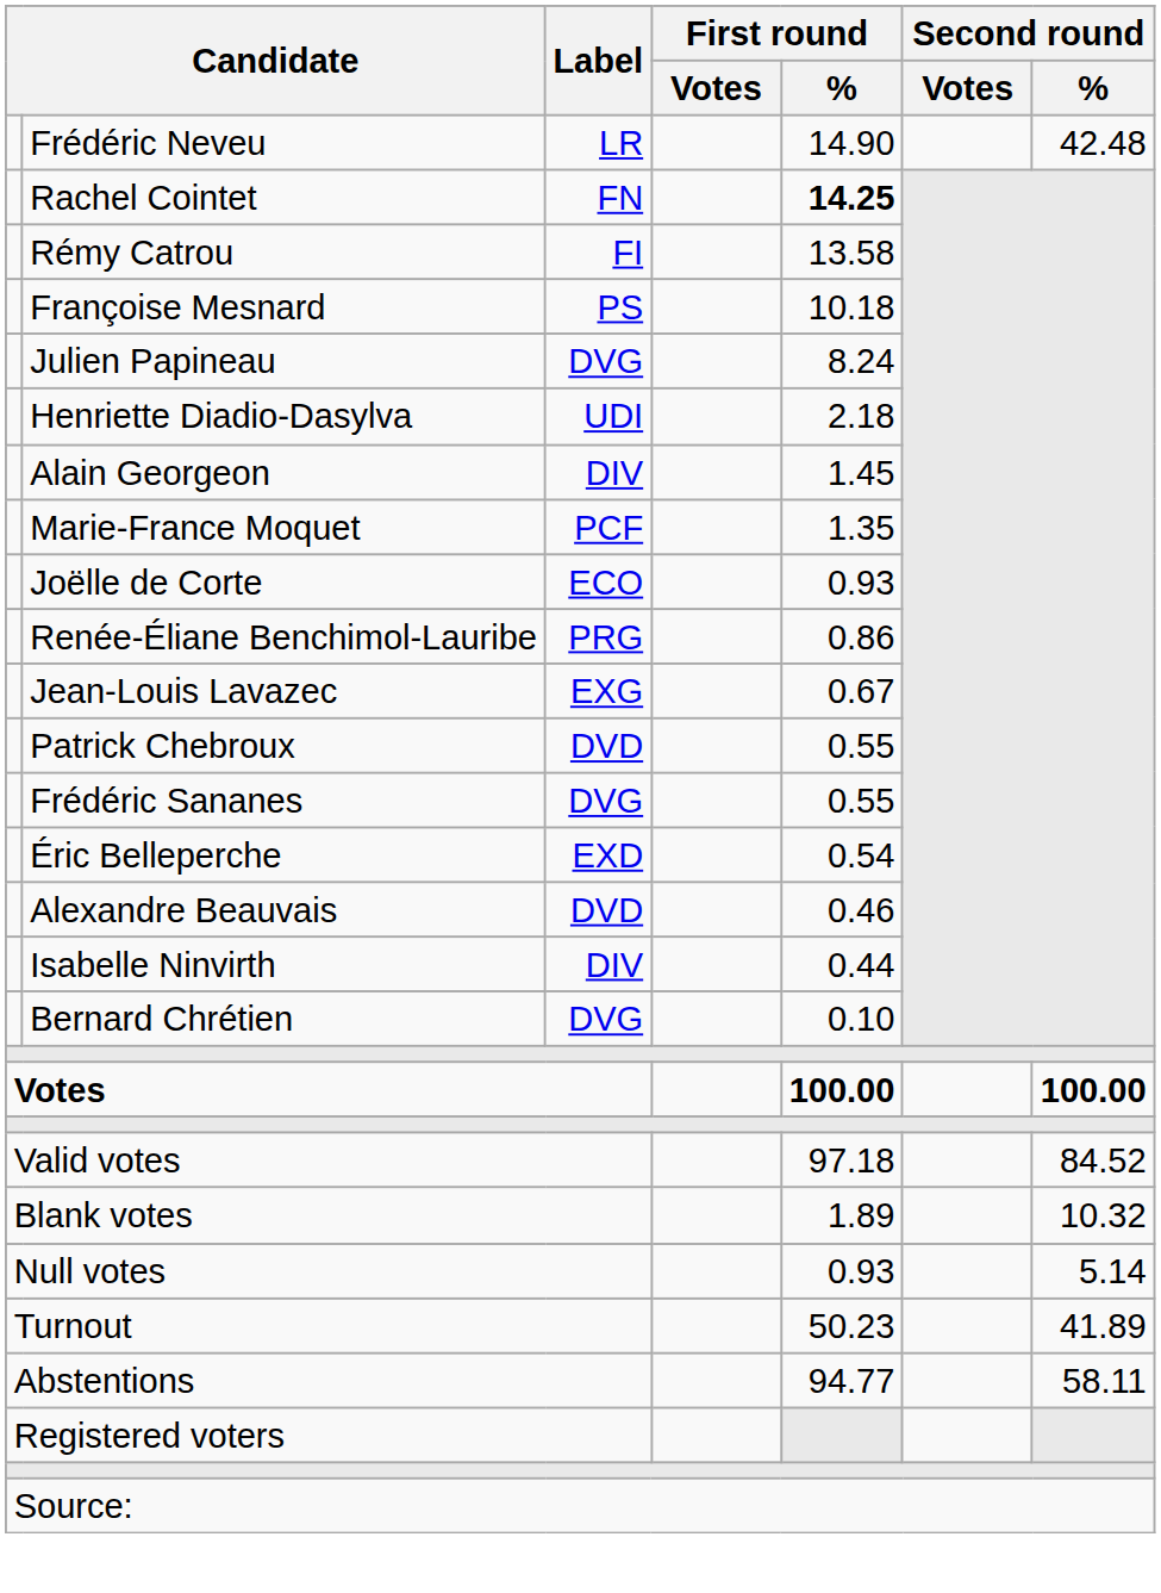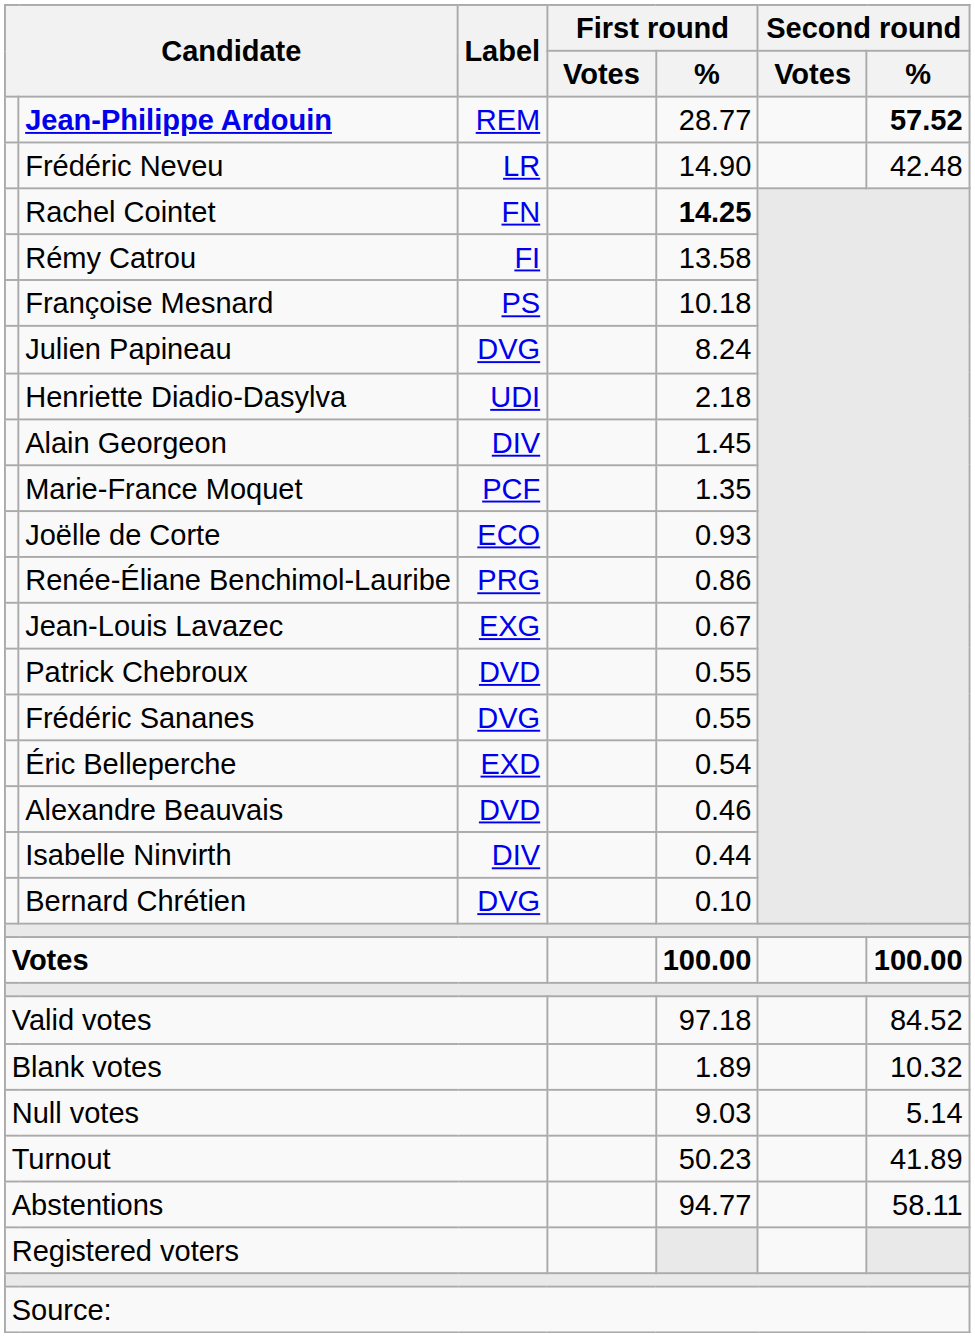 <table class="wikitable" style="text-align:right;font-size:95%;">
 <tr>
 <th colspan="2" rowspan="2">Candidate</th>
 <th rowspan="2">Label</th>
 <th colspan="2">First round</th>
 <th colspan="2">Second round</th>
 </tr>
 <tr>
 <th style="width:50px;">Votes</th>
 <th style="width:45px;">%</th>
 <th style="width:50px;">Votes</th>
 <th style="width:45px;">%</th>
+</tr>
+<tr>
+<td style="color:inherit;background:"></td>
+<td style="text-align:left;"><strong><a href='#'>Jean-Philippe Ardouin</a></strong></td>
+<td><a href='#'>REM</a></td>
+<td></td>
+<td>28.77</td>
+<td><strong></strong></td>
+<td><strong>57.52</strong></td>
 </tr>
 <tr>
 <td style="color:inherit;background:"></td>
 <td style="text-align:left;">Frédéric Neveu</td>
 <td><a href='#'>LR</a></td>
 <td></td>
 <td>14.90</td>
 <td></td>
 <td>42.48</td>
 </tr>
 <tr>
 <td style="color:inherit;background:"></td>
 <td style="text-align:left;">Rachel Cointet</td>
 <td><a href='#'>FN</a></td>
 <td></td>
 <td><strong>14.25</strong></td>
 <td colspan="2" rowspan="16" style="background:#E9E9E9;"></td>
 </tr>
 <tr>
 <td style="color:inherit;background:"></td>
 <td style="text-align:left;">Rémy Catrou</td>
 <td><a href='#'>FI</a></td>
 <td></td>
 <td>13.58</td>
 </tr>
 <tr>
 <td style="color:inherit;background:"></td>
 <td style="text-align:left;">Françoise Mesnard</td>
 <td><a href='#'>PS</a></td>
 <td></td>
 <td>10.18</td>
 </tr>
 <tr>
 <td style="color:inherit;background:"></td>
 <td style="text-align:left;">Julien Papineau</td>
 <td><a href='#'>DVG</a></td>
 <td></td>
 <td>8.24</td>
 </tr>
 <tr>
 <td style="color:inherit;background:"></td>
 <td style="text-align:left;">Henriette Diadio-Dasylva</td>
 <td><a href='#'>UDI</a></td>
 <td></td>
 <td>2.18</td>
 </tr>
 <tr>
 <td style="color:inherit;background:"></td>
 <td style="text-align:left;">Alain Georgeon</td>
 <td><a href='#'>DIV</a></td>
 <td></td>
 <td>1.45</td>
 </tr>
 <tr>
 <td style="color:inherit;background:"></td>
 <td style="text-align:left;">Marie-France Moquet</td>
 <td><a href='#'>PCF</a></td>
 <td></td>
 <td>1.35</td>
 </tr>
 <tr>
 <td style="color:inherit;background:"></td>
 <td style="text-align:left;">Joëlle de Corte</td>
 <td><a href='#'>ECO</a></td>
 <td></td>
 <td>0.93</td>
 </tr>
 <tr>
 <td style="color:inherit;background:"></td>
 <td style="text-align:left;">Renée-Éliane Benchimol-Lauribe</td>
 <td><a href='#'>PRG</a></td>
 <td></td>
 <td>0.86</td>
 </tr>
 <tr>
 <td style="color:inherit;background:"></td>
 <td style="text-align:left;">Jean-Louis Lavazec</td>
 <td><a href='#'>EXG</a></td>
 <td></td>
 <td>0.67</td>
 </tr>
 <tr>
 <td style="color:inherit;background:"></td>
 <td style="text-align:left;">Patrick Chebroux</td>
 <td><a href='#'>DVD</a></td>
 <td></td>
 <td>0.55</td>
 </tr>
 <tr>
 <td style="color:inherit;background:"></td>
 <td style="text-align:left;">Frédéric Sananes</td>
 <td><a href='#'>DVG</a></td>
 <td></td>
 <td>0.55</td>
 </tr>
 <tr>
 <td style="color:inherit;background:"></td>
 <td style="text-align:left;">Éric Belleperche</td>
 <td><a href='#'>EXD</a></td>
 <td></td>
 <td>0.54</td>
 </tr>
 <tr>
 <td style="color:inherit;background:"></td>
 <td style="text-align:left;">Alexandre Beauvais</td>
 <td><a href='#'>DVD</a></td>
 <td></td>
 <td>0.46</td>
 </tr>
 <tr>
 <td style="color:inherit;background:"></td>
 <td style="text-align:left;">Isabelle Ninvirth</td>
 <td><a href='#'>DIV</a></td>
 <td></td>
 <td>0.44</td>
 </tr>
 <tr>
 <td style="color:inherit;background:"></td>
 <td style="text-align:left;">Bernard Chrétien</td>
 <td><a href='#'>DVG</a></td>
 <td></td>
 <td>0.10</td>
 </tr>
 <tr>
 <td colspan="7" style="background:#E9E9E9;"></td>
 </tr>
 <tr style="font-weight:bold;">
 <td colspan="3" style="text-align:left;">Votes</td>
 <td></td>
 <td>100.00</td>
 <td></td>
 <td>100.00</td>
 </tr>
 <tr>
 <td colspan="7" style="background:#E9E9E9;"></td>
 </tr>
 <tr>
 <td colspan="3" style="text-align:left;">Valid votes</td>
 <td></td>
 <td>97.18</td>
 <td></td>
 <td>84.52</td>
 </tr>
 <tr>
 <td colspan="3" style="text-align:left;">Blank votes</td>
 <td></td>
 <td>1.89</td>
 <td></td>
 <td>10.32</td>
 </tr>
 <tr>
 <td colspan="3" style="text-align:left;">Null votes</td>
 <td></td>
-<td>0.93</td>
+<td>9.03</td>
 <td></td>
 <td>5.14</td>
 </tr>
 <tr>
 <td colspan="3" style="text-align:left;">Turnout</td>
 <td></td>
 <td>50.23</td>
 <td></td>
 <td>41.89</td>
 </tr>
 <tr>
 <td colspan="3" style="text-align:left;">Abstentions</td>
 <td></td>
 <td>94.77</td>
 <td></td>
 <td>58.11</td>
 </tr>
 <tr>
 <td colspan="3" style="text-align:left;">Registered voters</td>
 <td></td>
 <td style="color:inherit;background:#E9E9E9;"></td>
 <td></td>
 <td style="color:inherit;background:#E9E9E9;"></td>
 </tr>
 <tr>
 <td colspan="7" style="background:#E9E9E9;"></td>
 </tr>
 <tr>
 <td colspan="7" style="text-align:left;">Source: </td>
 </tr>
 </table>
